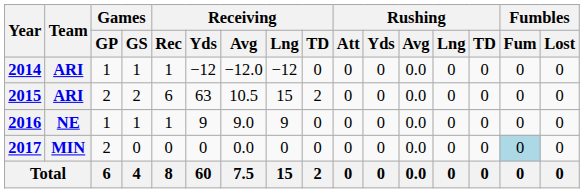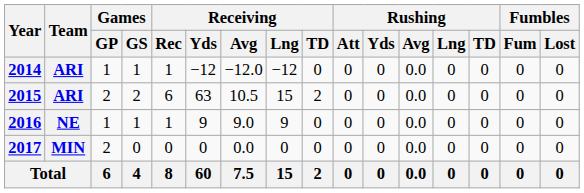 <table class=wikitable style="text-align:center;">
 <tr>
 <th rowspan="2">Year</th>
 <th rowspan="2">Team</th>
 <th colspan="2">Games</th>
 <th colspan="5">Receiving</th>
 <th colspan="5">Rushing</th>
 <th colspan="2">Fumbles</th>
 </tr>
 <tr>
 <th>GP</th>
 <th>GS</th>
 <th>Rec</th>
 <th>Yds</th>
 <th>Avg</th>
 <th>Lng</th>
 <th>TD</th>
 <th>Att</th>
 <th>Yds</th>
 <th>Avg</th>
 <th>Lng</th>
 <th>TD</th>
 <th>Fum</th>
 <th>Lost</th>
 </tr>
 <tr>
 <th><a href='#'>2014</a></th>
 <th><a href='#'>ARI</a></th>
 <td>1</td>
 <td>1</td>
 <td>1</td>
 <td>−12</td>
 <td>−12.0</td>
 <td>−12</td>
 <td>0</td>
 <td>0</td>
 <td>0</td>
 <td>0.0</td>
 <td>0</td>
 <td>0</td>
 <td>0</td>
 <td>0</td>
 </tr>
 <tr>
 <th><a href='#'>2015</a></th>
 <th><a href='#'>ARI</a></th>
 <td>2</td>
 <td>2</td>
 <td>6</td>
 <td>63</td>
 <td>10.5</td>
 <td>15</td>
 <td>2</td>
 <td>0</td>
 <td>0</td>
 <td>0.0</td>
 <td>0</td>
 <td>0</td>
 <td>0</td>
 <td>0</td>
 </tr>
 <tr>
 <th><a href='#'>2016</a></th>
 <th><a href='#'>NE</a></th>
 <td>1</td>
 <td>1</td>
 <td>1</td>
 <td>9</td>
 <td>9.0</td>
 <td>9</td>
 <td>0</td>
 <td>0</td>
 <td>0</td>
 <td>0.0</td>
 <td>0</td>
 <td>0</td>
 <td>0</td>
 <td>0</td>
 </tr>
 <tr>
 <th><a href='#'>2017</a></th>
 <th><a href='#'>MIN</a></th>
 <td>2</td>
 <td>0</td>
 <td>0</td>
 <td>0</td>
 <td>0.0</td>
 <td>0</td>
 <td>0</td>
 <td>0</td>
 <td>0</td>
 <td>0.0</td>
 <td>0</td>
 <td>0</td>
-<td style="background: lightblue;">0</td>
+<td>0</td>
 <td>0</td>
 </tr>
 <tr>
 <th colspan="2">Total</th>
 <th>6</th>
 <th>4</th>
 <th>8</th>
 <th>60</th>
 <th>7.5</th>
 <th>15</th>
 <th>2</th>
 <th>0</th>
 <th>0</th>
 <th>0.0</th>
 <th>0</th>
 <th>0</th>
 <th>0</th>
 <th>0</th>
 </tr>
 </table>
